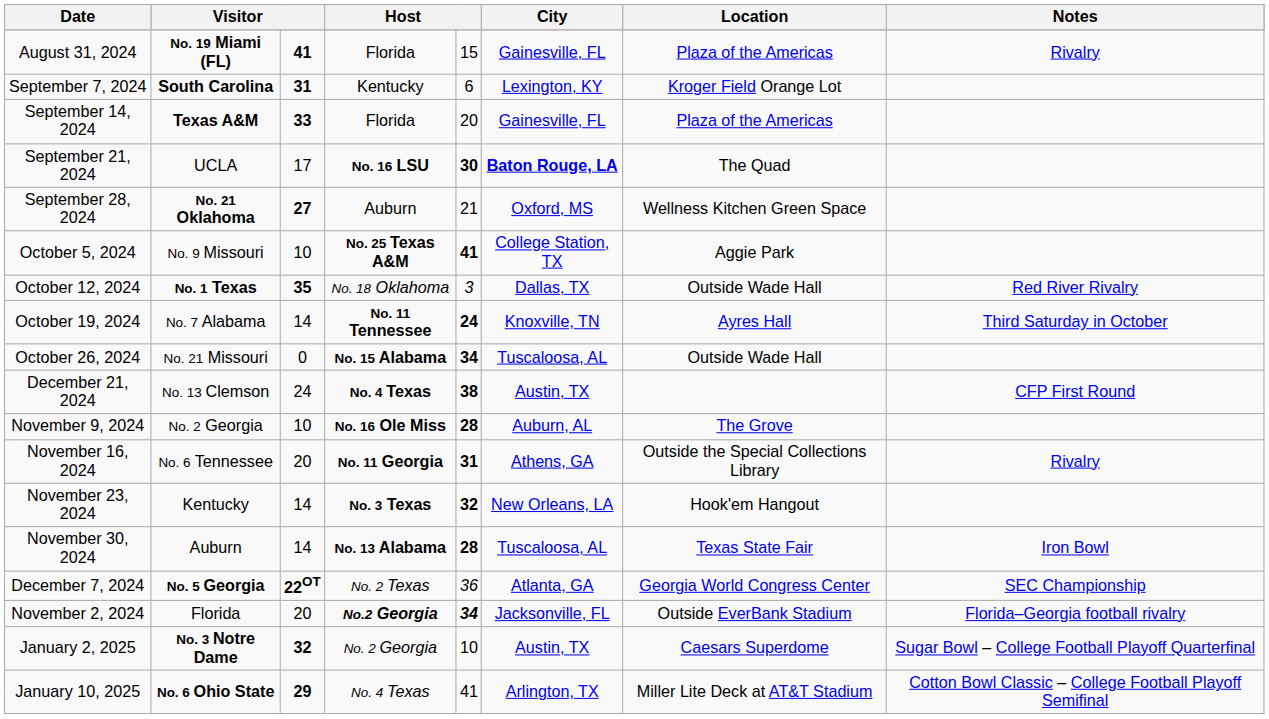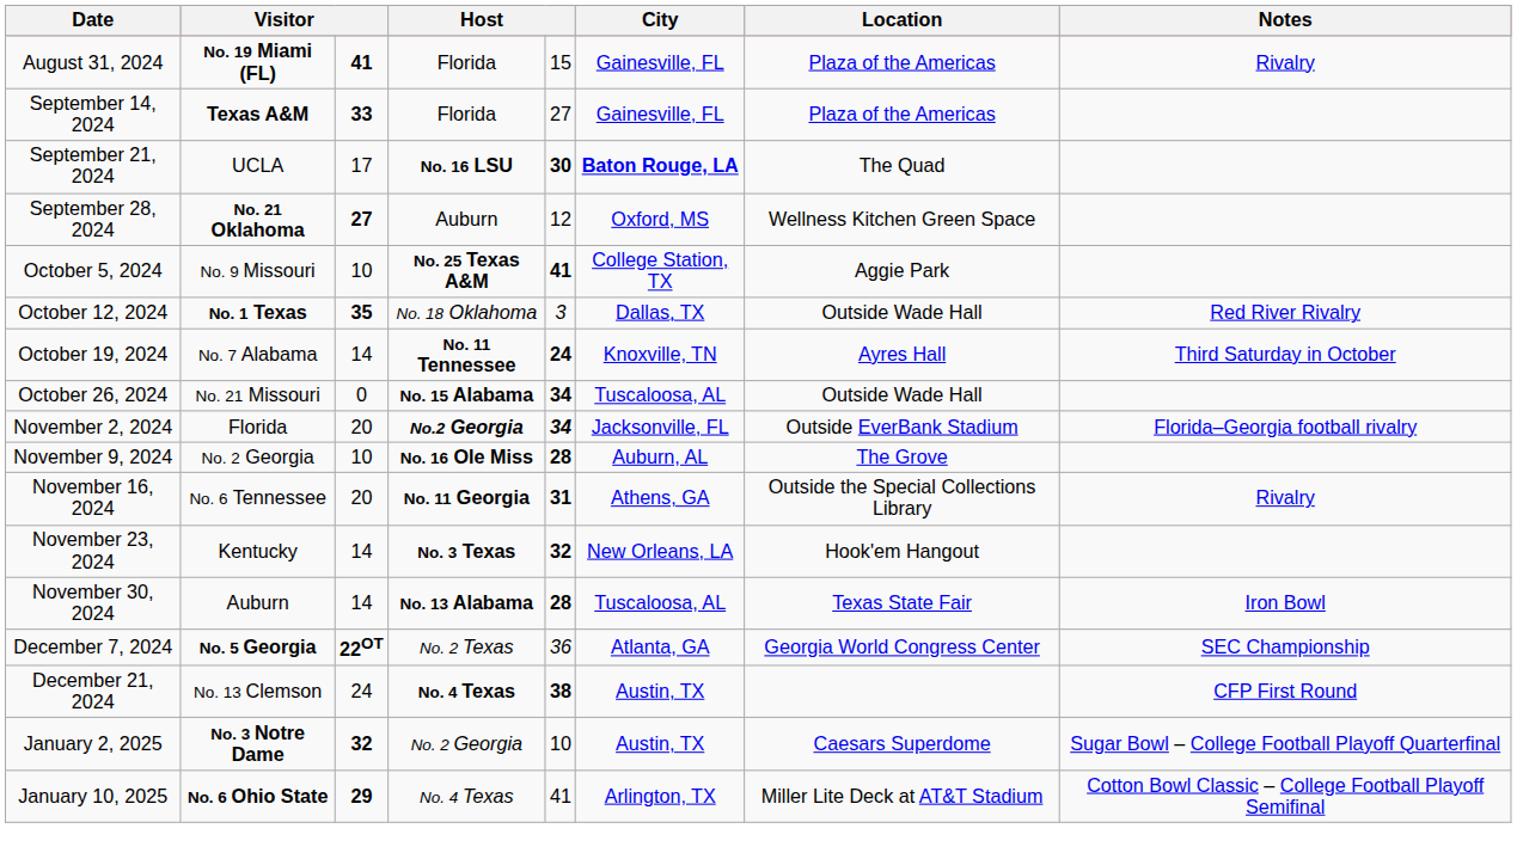 <table class="wikitable" style="text-align:center">
 <tr style="background:#A32638;"|>
 <th>Date</th>
 <th colspan=2>Visitor</th>
 <th colspan=2>Host</th>
 <th>City</th>
 <th>Location</th>
 <th>Notes</th>
 </tr>
 <tr>
 <td>August 31, 2024</td>
 <td><strong><small> No. 19</small> Miami (FL)</strong></td>
 <td><strong>41</strong></td>
 <td>Florida</td>
 <td>15</td>
 <td><a href='#'>Gainesville, FL</a></td>
 <td><a href='#'>Plaza of the Americas</a></td>
 <td><a href='#'>Rivalry</a></td>
 </tr>
 <tr>
-<td>September 7, 2024</td>
-<td><strong>South Carolina</strong></td>
-<td><strong>31</strong></td>
-<td>Kentucky</td>
-<td>6</td>
-<td><a href='#'>Lexington, KY</a></td>
-<td><a href='#'>Kroger Field</a> Orange Lot</td>
-<td></td>
-</tr>
-<tr>
 <td>September 14, 2024</td>
 <td><strong>Texas A&M</strong></td>
 <td><strong>33</strong></td>
 <td>Florida</td>
-<td>20</td>
+<td>27</td>
 <td><a href='#'>Gainesville, FL</a></td>
 <td><a href='#'>Plaza of the Americas</a></td>
 <td></td>
 </tr>
 <tr>
 <td>September 21, 2024</td>
 <td>UCLA</td>
 <td>17</td>
 <td><strong><small> No. 16</small> LSU</strong></td>
 <td><strong>30</strong></td>
 <td><strong><a href='#'>Baton Rouge, LA</a></strong></td>
 <td>The Quad</td>
 <td></td>
 </tr>
 <tr>
 <td>September 28, 2024</td>
 <td><strong><small> No. 21</small> Oklahoma</strong></td>
 <td><strong>27</strong></td>
 <td>Auburn</td>
-<td>21</td>
+<td>12</td>
 <td><a href='#'>Oxford, MS</a></td>
 <td>Wellness Kitchen Green Space</td>
 <td></td>
 </tr>
 <tr>
 <td>October 5, 2024</td>
 <td><small> No. 9 </small> Missouri</td>
 <td>10</td>
 <td><strong><small> No. 25 </small> Texas A&M</strong></td>
 <td><strong>41</strong></td>
 <td><a href='#'>College Station, TX</a></td>
 <td>Aggie Park</td>
 <td></td>
 </tr>
 <tr>
 <td>October 12, 2024</td>
 <td><strong><small> No. 1</small> Texas</strong></td>
 <td><strong>35</strong></td>
 <td><em><small> No. 18</small> Oklahoma</em></td>
 <td><em>3</em></td>
 <td><a href='#'>Dallas, TX</a></td>
 <td>Outside Wade Hall</td>
 <td><a href='#'>Red River Rivalry</a></td>
 </tr>
 <tr>
 <td>October 19, 2024</td>
 <td><small> No. 7</small> Alabama</td>
 <td>14</td>
 <td><strong><small> No. 11</small> Tennessee</strong></td>
 <td><strong>24</strong></td>
 <td><a href='#'>Knoxville, TN</a></td>
 <td><a href='#'>Ayres Hall</a></td>
 <td><a href='#'>Third Saturday in October</a></td>
 </tr>
 <tr>
 <td>October 26, 2024</td>
 <td><small> No. 21</small> Missouri</td>
 <td>0</td>
 <td><strong><small> No. 15</small> Alabama</strong></td>
 <td><strong>34</strong></td>
 <td><a href='#'>Tuscaloosa, AL</a></td>
 <td>Outside Wade Hall</td>
 <td></td>
 </tr>
 <tr>
-<td>December 21, 2024</td>
-<td><small> No. 13 </small> Clemson</td>
-<td>24</td>
-<td><strong><small> No. 4 </small> Texas</strong></td>
-<td><strong>38</strong></td>
-<td><a href='#'>Austin, TX</a></td>
-<td></td>
-<td><a href='#'>CFP First Round</a></td>
+<td>November 2, 2024</td>
+<td>Florida</td>
+<td>20</td>
+<td><strong><em><small> No.2</small> Georgia</em></strong></td>
+<td><strong><em>34</em></strong></td>
+<td><a href='#'>Jacksonville, FL</a></td>
+<td>Outside <a href='#'>EverBank Stadium</a></td>
+<td><a href='#'>Florida–Georgia football rivalry</a></td>
 </tr>
 <tr>
 <td>November 9, 2024</td>
 <td><small> No. 2</small> Georgia</td>
 <td>10</td>
 <td><strong><small> No. 16</small> Ole Miss</strong></td>
 <td><strong>28</strong></td>
 <td><a href='#'>Auburn, AL</a></td>
 <td><a href='#'>The Grove</a></td>
 <td></td>
 </tr>
 <tr>
 <td>November 16, 2024</td>
 <td><small> No. 6</small> Tennessee</td>
 <td>20</td>
 <td><strong><small> No. 11</small> Georgia</strong></td>
 <td><strong>31</strong></td>
 <td><a href='#'>Athens, GA</a></td>
 <td>Outside the Special Collections Library</td>
 <td><a href='#'>Rivalry</a></td>
 </tr>
 <tr>
 <td>November 23, 2024</td>
 <td>Kentucky</td>
 <td>14</td>
 <td><strong><small> No. 3</small> Texas</strong></td>
 <td><strong>32</strong></td>
 <td><a href='#'>New Orleans, LA</a></td>
 <td>Hook'em Hangout</td>
 <td></td>
 </tr>
 <tr>
 <td>November 30, 2024</td>
 <td>Auburn</td>
 <td>14</td>
 <td><strong><small> No. 13 </small> Alabama</strong></td>
 <td><strong>28</strong></td>
 <td><a href='#'>Tuscaloosa, AL</a></td>
 <td><a href='#'>Texas State Fair</a></td>
 <td><a href='#'>Iron Bowl</a></td>
 </tr>
 <tr>
 <td>December 7, 2024</td>
 <td><strong><small> No. 5 </small> Georgia</strong></td>
 <td><strong>22<sup>OT</sup></strong></td>
 <td><em><small> No. 2 </small> Texas</em></td>
 <td><em>36</em></td>
 <td><a href='#'>Atlanta, GA</a></td>
 <td><a href='#'>Georgia World Congress Center</a></td>
 <td><a href='#'>SEC Championship</a></td>
 </tr>
 <tr>
-<td>November 2, 2024</td>
-<td>Florida</td>
-<td>20</td>
-<td><strong><em><small> No.2</small> Georgia</em></strong></td>
-<td><strong><em>34</em></strong></td>
-<td><a href='#'>Jacksonville, FL</a></td>
-<td>Outside <a href='#'>EverBank Stadium</a></td>
-<td><a href='#'>Florida–Georgia football rivalry</a></td>
+<td>December 21, 2024</td>
+<td><small> No. 13 </small> Clemson</td>
+<td>24</td>
+<td><strong><small> No. 4 </small> Texas</strong></td>
+<td><strong>38</strong></td>
+<td><a href='#'>Austin, TX</a></td>
+<td></td>
+<td><a href='#'>CFP First Round</a></td>
 </tr>
 <tr>
 <td>January 2, 2025</td>
 <td><strong><small> No. 3 </small> Notre Dame</strong></td>
 <td><strong>32</strong></td>
 <td><em><small> No. 2 </small> Georgia</em></td>
 <td>10</td>
 <td><a href='#'>Austin, TX</a></td>
 <td><a href='#'>Caesars Superdome</a></td>
 <td><a href='#'>Sugar Bowl</a> – <a href='#'>College Football Playoff Quarterfinal</a></td>
 </tr>
 <tr>
 <td>January 10, 2025</td>
 <td><strong><small> No. 6 </small> Ohio State</strong></td>
 <td><strong>29</strong></td>
 <td><em><small> No. 4 </small> Texas</em></td>
 <td>41</td>
 <td><a href='#'>Arlington, TX</a></td>
 <td>Miller Lite Deck at <a href='#'>AT&T Stadium</a></td>
 <td><a href='#'>Cotton Bowl Classic</a> – <a href='#'>College Football Playoff Semifinal</a></td>
 </tr>
 </table>
